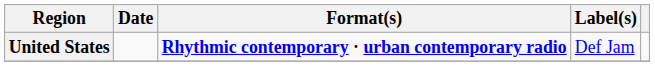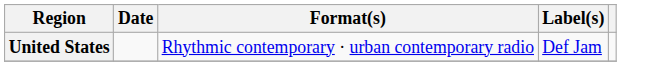 <table class="wikitable plainrowheaders" style="text-align:left">
 <tr>
 <th scope="col">Region</th>
 <th scope="col">Date</th>
 <th scope="col">Format(s)</th>
 <th scope="col">Label(s)</th>
 <th scope="col"></th>
 </tr>
 <tr>
 <th scope="row">United States</th>
 <td></td>
-<td><strong><a href='#'>Rhythmic contemporary</a> · <a href='#'>urban contemporary radio</a></strong></td>
+<td><a href='#'>Rhythmic contemporary</a> · <a href='#'>urban contemporary radio</a></td>
 <td><a href='#'>Def Jam</a></td>
 <td></td>
 </tr>
 <tr>
 </tr>
 </table>
